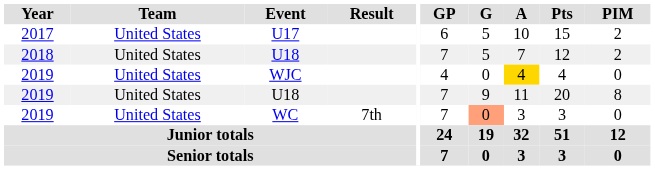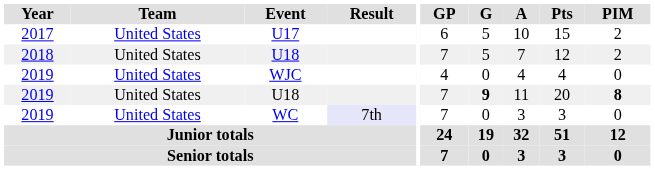 <table border="0" cellpadding="1" cellspacing="0" ID="Table3" style="text-align:center; width:40em">
 <tr bgcolor="#e0e0e0">
 <th>Year</th>
 <th>Team</th>
 <th>Event</th>
 <th>Result</th>
 <th rowspan="99" bgcolor="#ffffff"></th>
 <th>GP</th>
 <th>G</th>
 <th>A</th>
 <th>Pts</th>
 <th>PIM</th>
 </tr>
 <tr>
 <td><a href='#'>2017</a></td>
 <td><a href='#'>United States</a></td>
 <td><a href='#'>U17</a></td>
 <td></td>
 <td>6</td>
 <td>5</td>
 <td>10</td>
 <td>15</td>
 <td>2</td>
 </tr>
 <tr bgcolor="#f0f0f0">
 <td><a href='#'>2018</a></td>
 <td>United States</td>
 <td><a href='#'>U18</a></td>
 <td></td>
 <td>7</td>
 <td>5</td>
 <td>7</td>
 <td>12</td>
 <td>2</td>
 </tr>
 <tr>
 <td><a href='#'>2019</a></td>
 <td><a href='#'>United States</a></td>
 <td><a href='#'>WJC</a></td>
 <td></td>
 <td>4</td>
 <td>0</td>
-<td style="background: gold;">4</td>
+<td>4</td>
 <td>4</td>
 <td>0</td>
 </tr>
 <tr bgcolor="#f0f0f0">
 <td><a href='#'>2019</a></td>
 <td>United States</td>
 <td>U18</td>
 <td></td>
 <td>7</td>
-<td>9</td>
+<td><strong>9</strong></td>
 <td>11</td>
 <td>20</td>
-<td>8</td>
+<td><strong>8</strong></td>
 </tr>
 <tr>
 <td><a href='#'>2019</a></td>
 <td><a href='#'>United States</a></td>
 <td><a href='#'>WC</a></td>
-<td>7th</td>
+<td style="background: lavender;">7th</td>
 <td>7</td>
-<td style="background: lightsalmon;">0</td>
+<td>0</td>
 <td>3</td>
 <td>3</td>
 <td>0</td>
 </tr>
 <tr bgcolor="#e0e0e0">
 <th colspan="4">Junior totals</th>
 <th>24</th>
 <th>19</th>
 <th>32</th>
 <th>51</th>
 <th>12</th>
 </tr>
 <tr bgcolor="#e0e0e0">
 <th colspan="4">Senior totals</th>
 <th>7</th>
 <th>0</th>
 <th>3</th>
 <th>3</th>
 <th>0</th>
 </tr>
 </table>
